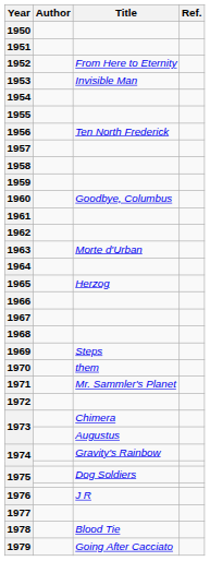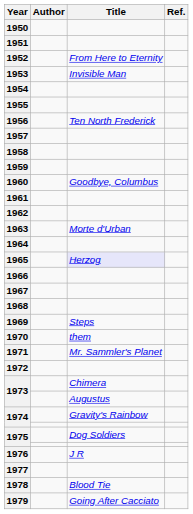 <table class="wikitable sortable mw-collapsible">
 <tr>
 <th>Year</th>
 <th>Author</th>
 <th>Title</th>
 <th>Ref.</th>
 </tr>
 <tr>
 <th>1950</th>
 <td></td>
 <td><em></em></td>
 <td></td>
 </tr>
 <tr>
 <th>1951</th>
 <td></td>
 <td><em></em></td>
 <td></td>
 </tr>
 <tr>
 <th>1952</th>
 <td></td>
 <td><em><a href='#'>From Here to Eternity</a></em></td>
 <td></td>
 </tr>
 <tr>
 <th>1953</th>
 <td></td>
 <td><em><a href='#'>Invisible Man</a></em></td>
 <td></td>
 </tr>
 <tr>
 <th>1954</th>
 <td></td>
 <td><em></em></td>
 <td></td>
 </tr>
 <tr>
 <th>1955</th>
 <td></td>
 <td><em></em></td>
 <td></td>
 </tr>
 <tr>
 <th>1956</th>
 <td></td>
 <td><em><a href='#'>Ten North Frederick</a></em></td>
 <td></td>
 </tr>
 <tr>
 <th>1957</th>
 <td></td>
 <td><em></em></td>
 <td></td>
 </tr>
 <tr>
 <th>1958</th>
 <td></td>
 <td><em></em></td>
 <td></td>
 </tr>
 <tr>
 <th>1959</th>
 <td></td>
 <td><em></em></td>
 <td></td>
 </tr>
 <tr>
 <th>1960</th>
 <td></td>
 <td><em><a href='#'>Goodbye, Columbus</a></em></td>
 <td></td>
 </tr>
 <tr>
 <th>1961</th>
 <td></td>
 <td><em></em></td>
 <td></td>
 </tr>
 <tr>
 <th>1962</th>
 <td></td>
 <td><em></em></td>
 <td></td>
 </tr>
 <tr>
 <th>1963</th>
 <td></td>
 <td><em><a href='#'>Morte d'Urban</a></em></td>
 <td></td>
 </tr>
 <tr>
 <th>1964</th>
 <td></td>
 <td><em></em></td>
 <td></td>
 </tr>
 <tr>
 <th>1965</th>
 <td></td>
-<td><em><a href='#'>Herzog</a></em></td>
+<td style="background: lavender;"><em><a href='#'>Herzog</a></em></td>
 <td></td>
 </tr>
 <tr>
 <th>1966</th>
 <td></td>
 <td><em></em></td>
 <td></td>
 </tr>
 <tr>
 <th>1967</th>
 <td></td>
 <td><em></em></td>
 <td></td>
 </tr>
 <tr>
 <th>1968</th>
 <td></td>
 <td><em></em></td>
 <td></td>
 </tr>
 <tr>
 <th>1969</th>
 <td></td>
 <td><em><a href='#'>Steps</a></em></td>
 <td></td>
 </tr>
 <tr>
 <th>1970</th>
 <td></td>
 <td><em><a href='#'>them</a></em></td>
 <td></td>
 </tr>
 <tr>
 <th>1971</th>
 <td></td>
 <td><em><a href='#'>Mr. Sammler's Planet</a></em></td>
 <td></td>
 </tr>
 <tr>
 <th>1972</th>
 <td></td>
 <td><em></em></td>
 <td></td>
 </tr>
 <tr>
 <th rowspan="2">1973</th>
 <td></td>
 <td><em><a href='#'>Chimera</a></em></td>
 <td></td>
 </tr>
 <tr>
 <td></td>
 <td><em><a href='#'>Augustus</a></em></td>
 <td></td>
 </tr>
 <tr>
 <th rowspan="2">1974</th>
 <td></td>
 <td><em><a href='#'>Gravity's Rainbow</a></em></td>
 <td></td>
 </tr>
 <tr>
 <td></td>
 <td><em></em></td>
 <td></td>
 </tr>
 <tr>
 <th rowspan="2">1975</th>
 <td></td>
 <td><em><a href='#'>Dog Soldiers</a></em></td>
 <td></td>
 </tr>
 <tr>
 <td></td>
 <td><em></em></td>
 <td></td>
 </tr>
 <tr>
 <th>1976</th>
 <td></td>
 <td><em><a href='#'>J R</a></em></td>
 <td></td>
 </tr>
 <tr>
 <th>1977</th>
 <td></td>
 <td><em></em></td>
 <td></td>
 </tr>
 <tr>
 <th>1978</th>
 <td></td>
 <td><em><a href='#'>Blood Tie</a></em></td>
 <td></td>
 </tr>
 <tr>
 <th>1979</th>
 <td></td>
 <td><em><a href='#'>Going After Cacciato</a></em></td>
 <td></td>
 </tr>
 </table>
